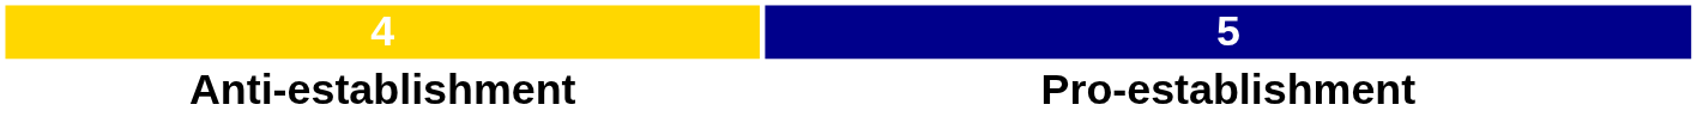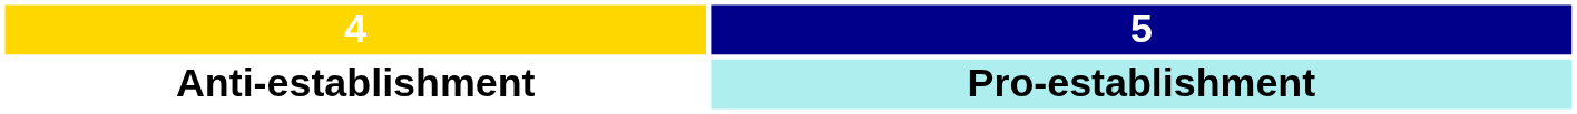 <table style="width:50%; text-align:center;">
 <tr style="color:white;">
 <td style="background:gold; width:44%;"><strong>4</strong></td>
 <td style="background:darkblue; width:54%;"><strong>5</strong></td>
 </tr>
 <tr>
 <td><span><strong>Anti-establishment</strong></span></td>
-<td><span><strong>Pro-establishment</strong></span></td>
+<td style="background: paleturquoise;"><span><strong>Pro-establishment</strong></span></td>
 </tr>
 </table>
